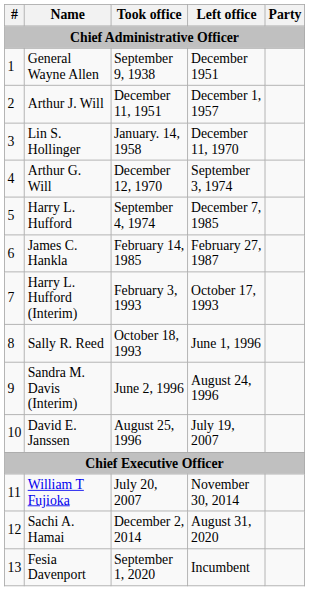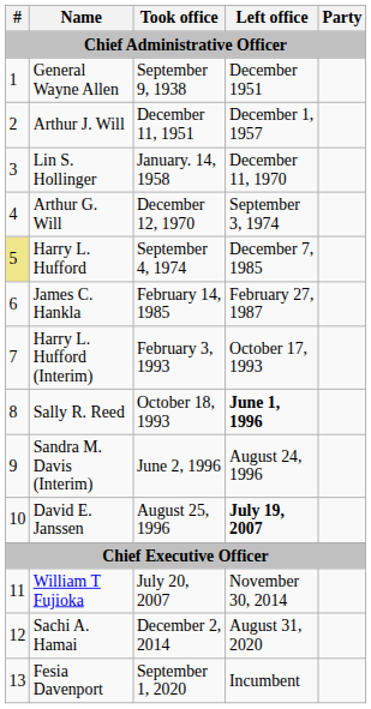 <table class="wikitable" width="350">
 <tr>
 <th>#</th>
 <th>Name</th>
 <th>Took office</th>
 <th>Left office</th>
 <th>Party</th>
 </tr>
 <tr>
 <td colspan = "5" bgcolor = "silver" align="center"><strong>Chief Administrative Officer</strong></td>
 </tr>
 <tr>
 <td>1</td>
 <td>General Wayne Allen</td>
 <td>September 9, 1938</td>
 <td>December 1951</td>
 <td></td>
 </tr>
 <tr>
 <td>2</td>
 <td>Arthur J. Will</td>
 <td>December 11, 1951</td>
 <td>December 1, 1957</td>
 <td></td>
 </tr>
 <tr>
 <td>3</td>
 <td>Lin S. Hollinger</td>
 <td>January. 14, 1958</td>
 <td>December 11, 1970</td>
 <td></td>
 </tr>
 <tr>
 <td>4</td>
 <td>Arthur G. Will</td>
 <td>December 12, 1970</td>
 <td>September 3, 1974</td>
 <td></td>
 </tr>
 <tr>
-<td>5</td>
+<td style="background: khaki;">5</td>
 <td>Harry L. Hufford</td>
 <td>September 4, 1974</td>
 <td>December 7, 1985</td>
 <td></td>
 </tr>
 <tr>
 <td>6</td>
 <td>James C. Hankla</td>
 <td>February 14, 1985</td>
 <td>February 27, 1987</td>
 <td></td>
 </tr>
 <tr>
 <td>7</td>
 <td>Harry L. Hufford (Interim)</td>
 <td>February 3, 1993</td>
 <td>October 17, 1993</td>
 <td></td>
 </tr>
 <tr>
 <td>8</td>
 <td>Sally R. Reed</td>
 <td>October 18, 1993</td>
-<td>June 1, 1996</td>
+<td><strong>June 1, 1996</strong></td>
 <td></td>
 </tr>
 <tr>
 <td>9</td>
 <td>Sandra M. Davis (Interim)</td>
 <td>June 2, 1996</td>
 <td>August 24, 1996</td>
 <td></td>
 </tr>
 <tr>
 <td>10</td>
 <td>David E. Janssen</td>
 <td>August 25, 1996</td>
-<td>July 19, 2007</td>
+<td><strong>July 19, 2007</strong></td>
 <td></td>
 </tr>
 <tr>
 <td colspan="5" bgcolor="silver" align="center"><strong>Chief Executive Officer</strong></td>
 </tr>
 <tr>
 <td>11</td>
 <td><a href='#'>William T Fujioka</a></td>
 <td>July 20, 2007</td>
 <td>November 30, 2014</td>
 <td></td>
 </tr>
 <tr>
 <td>12</td>
 <td>Sachi A. Hamai</td>
 <td>December 2, 2014</td>
 <td>August 31, 2020</td>
 <td></td>
 </tr>
 <tr>
 <td>13</td>
 <td>Fesia Davenport</td>
 <td>September 1, 2020</td>
 <td>Incumbent</td>
 <td></td>
 </tr>
 </table>
